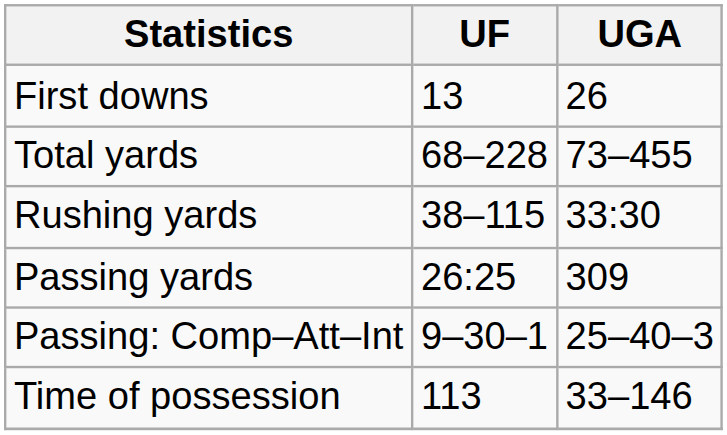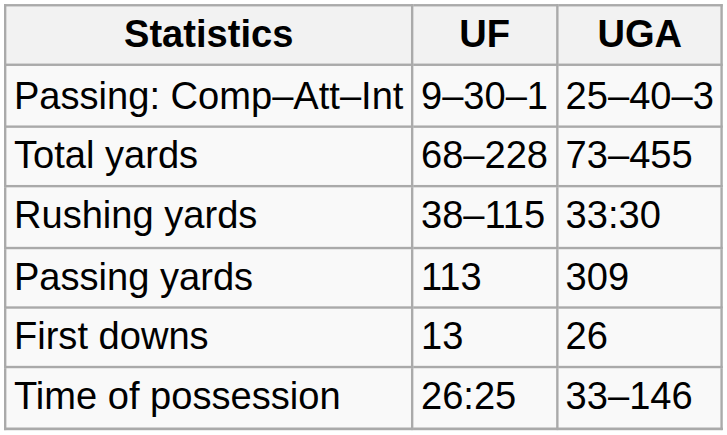 <table class="wikitable" style="float: left;">
 <tr>
 <th>Statistics</th>
 <th>UF</th>
 <th>UGA</th>
 </tr>
 <tr>
-<td>First downs</td>
-<td>13</td>
-<td>26</td>
+<td>Passing: Comp–Att–Int</td>
+<td>9–30–1</td>
+<td>25–40–3</td>
 </tr>
 <tr>
 <td>Total yards</td>
 <td>68–228</td>
 <td>73–455</td>
 </tr>
 <tr>
 <td>Rushing yards</td>
 <td>38–115</td>
 <td>33:30</td>
 </tr>
 <tr>
 <td>Passing yards</td>
-<td>26:25</td>
+<td>113</td>
 <td>309</td>
 </tr>
 <tr>
-<td>Passing: Comp–Att–Int</td>
-<td>9–30–1</td>
-<td>25–40–3</td>
+<td>First downs</td>
+<td>13</td>
+<td>26</td>
 </tr>
 <tr>
 <td>Time of possession</td>
-<td>113</td>
+<td>26:25</td>
 <td>33–146</td>
 </tr>
 <tr>
 </tr>
 </table>
